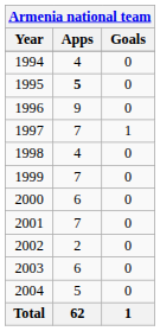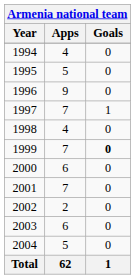 <table class="wikitable" style="text-align:center">
 <tr>
 <th colspan=3><a href='#'>Armenia national team</a></th>
 </tr>
 <tr>
 <th>Year</th>
 <th>Apps</th>
 <th>Goals</th>
 </tr>
 <tr>
 </tr>
 <tr>
 <td>1994</td>
 <td>4</td>
 <td>0</td>
 </tr>
 <tr>
 <td>1995</td>
-<td><strong>5</strong></td>
+<td>5</td>
 <td>0</td>
 </tr>
 <tr>
 <td>1996</td>
 <td>9</td>
 <td>0</td>
 </tr>
 <tr>
 <td>1997</td>
 <td>7</td>
 <td>1</td>
 </tr>
 <tr>
 <td>1998</td>
 <td>4</td>
 <td>0</td>
 </tr>
 <tr>
 <td>1999</td>
 <td>7</td>
-<td>0</td>
+<td><strong>0</strong></td>
 </tr>
 <tr>
 <td>2000</td>
 <td>6</td>
 <td>0</td>
 </tr>
 <tr>
 <td>2001</td>
 <td>7</td>
 <td>0</td>
 </tr>
 <tr>
 <td>2002</td>
 <td>2</td>
 <td>0</td>
 </tr>
 <tr>
 <td>2003</td>
 <td>6</td>
 <td>0</td>
 </tr>
 <tr>
 <td>2004</td>
 <td>5</td>
 <td>0</td>
 </tr>
 <tr>
 <th>Total</th>
 <th>62</th>
 <th>1</th>
 </tr>
 </table>
